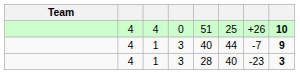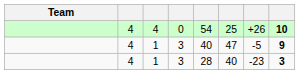 <table class="wikitable" style="text-align:center;font-size:95%">
 <tr>
 <th width=160>Team</th>
 <th width=30></th>
 <th width=30></th>
 <th width=30></th>
 <th width=30></th>
 <th width=30></th>
 <th width=30></th>
 <th width=30></th>
 </tr>
 <tr bgcolor=ccffcc>
 <td align="left"></td>
 <td>4</td>
 <td>4</td>
 <td>0</td>
-<td>51</td>
+<td>54</td>
 <td>25</td>
 <td>+26</td>
 <td><strong>10</strong></td>
 </tr>
 <tr>
 <td align="left"></td>
 <td>4</td>
 <td>1</td>
 <td>3</td>
 <td>40</td>
-<td>44</td>
-<td>-7</td>
+<td>47</td>
+<td>-5</td>
 <td><strong>9</strong></td>
 </tr>
 <tr>
 <td align="left"></td>
 <td>4</td>
 <td>1</td>
 <td>3</td>
 <td>28</td>
 <td>40</td>
 <td>-23</td>
 <td><strong>3</strong></td>
 </tr>
 </table>
